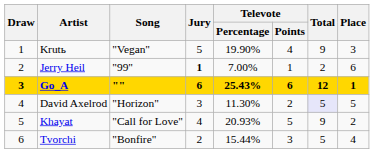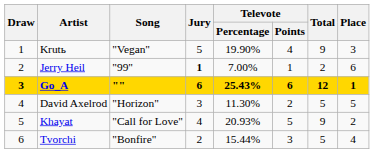 <table class="sortable wikitable" style="margin: 1em auto 1em auto; text-align:center;">
 <tr>
 <th rowspan="2">Draw</th>
 <th rowspan="2">Artist</th>
 <th rowspan="2">Song</th>
 <th rowspan="2">Jury</th>
 <th colspan="2">Televote</th>
 <th rowspan="2">Total</th>
 <th rowspan="2">Place</th>
 </tr>
 <tr>
 <th>Percentage</th>
 <th>Points</th>
 </tr>
 <tr>
 <td>1</td>
 <td align="left">Krutь</td>
 <td align="left">"Vegan"</td>
 <td>5</td>
 <td>19.90%</td>
 <td>4</td>
 <td>9</td>
 <td>3</td>
 </tr>
 <tr>
 <td>2</td>
 <td align="left"><a href='#'>Jerry Heil</a></td>
 <td align="left">"99"</td>
 <td><strong>1</strong></td>
 <td>7.00%</td>
 <td>1</td>
 <td>2</td>
 <td>6</td>
 </tr>
 <tr style="font-weight:bold; background:gold;">
 <td>3</td>
 <td align="left"><a href='#'>Go_A</a></td>
 <td align="left">""</td>
 <td>6</td>
 <td>25.43%</td>
 <td>6</td>
 <td>12</td>
 <td>1</td>
 </tr>
 <tr>
 <td>4</td>
 <td align="left">David Axelrod</td>
 <td align="left">"Horizon"</td>
 <td>3</td>
 <td>11.30%</td>
 <td>2</td>
-<td style="background: lavender;">5</td>
+<td>5</td>
 <td>5</td>
 </tr>
 <tr>
 <td>5</td>
 <td align="left"><a href='#'>Khayat</a></td>
 <td align="left">"Call for Love"</td>
 <td>4</td>
 <td>20.93%</td>
 <td>5</td>
 <td>9</td>
 <td>2</td>
 </tr>
 <tr>
 <td>6</td>
 <td align="left"><a href='#'>Tvorchi</a></td>
 <td align="left">"Bonfire"</td>
 <td>2</td>
 <td>15.44%</td>
 <td>3</td>
 <td>5</td>
 <td>4</td>
 </tr>
 </table>
